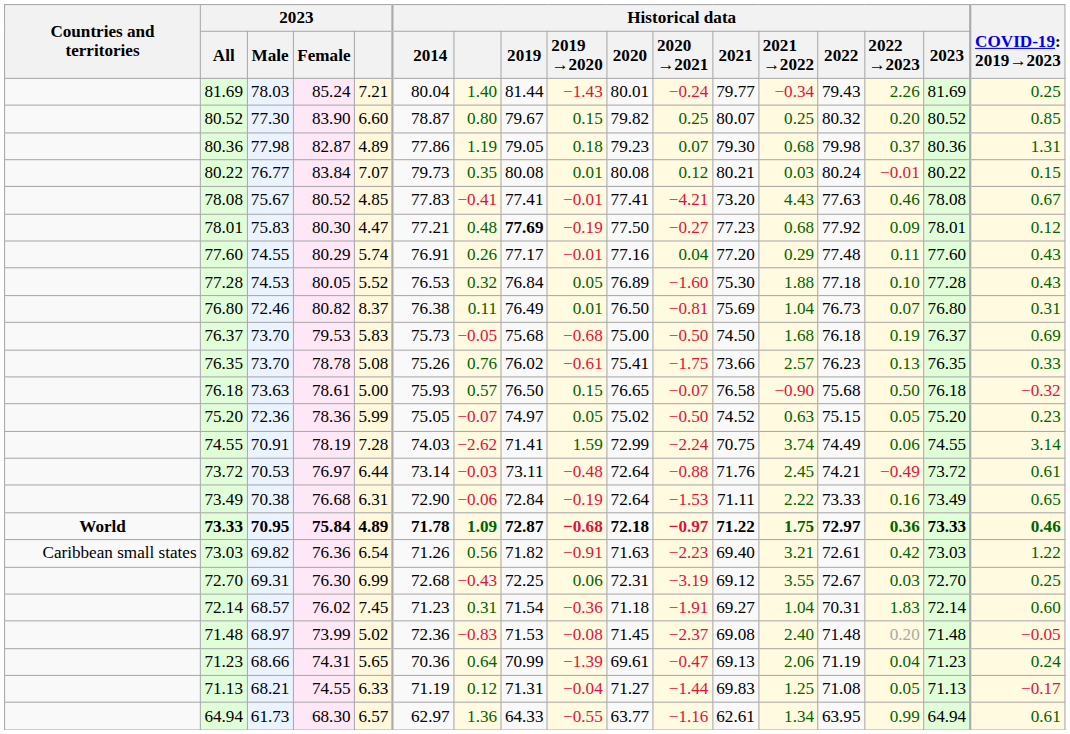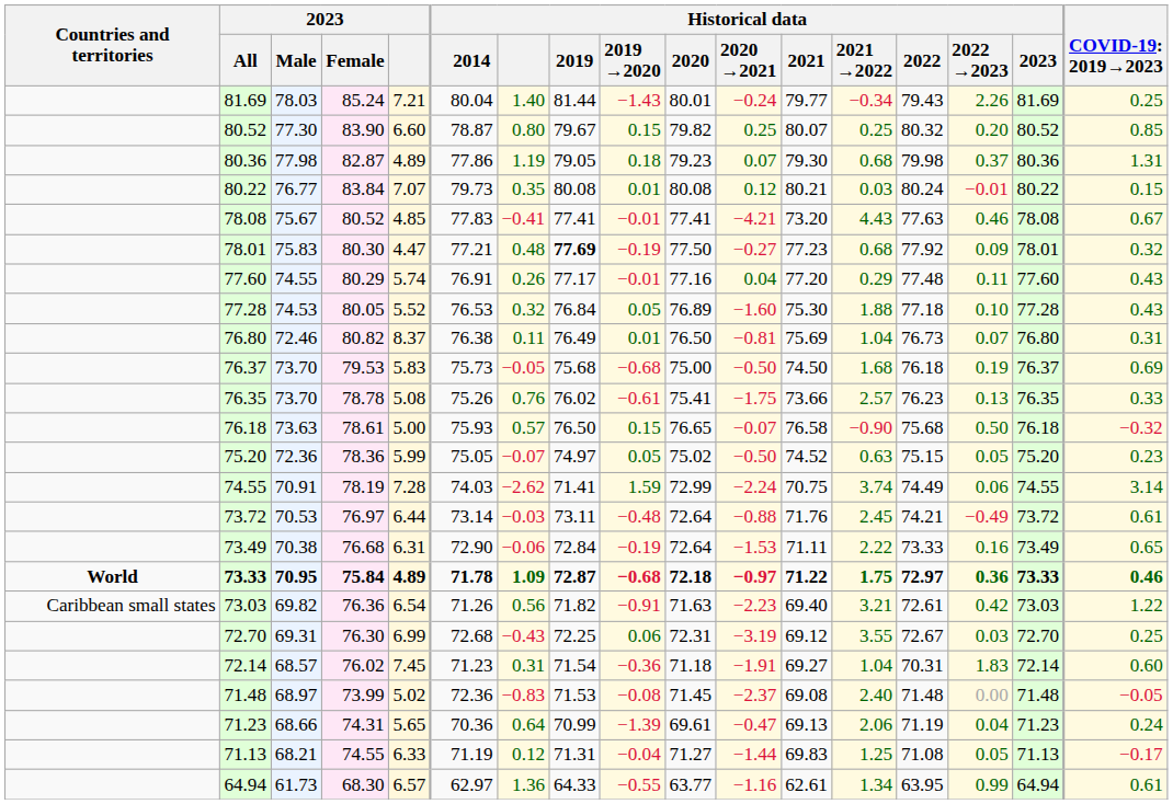 <table class="wikitable sortable mw-datatable static-row-numbers sort-under sticky-table-head sticky-table-col1 col1left col2center col3center col4center col5center col6center col8center col10center col12center col14center col16center" style=text-align:right;>
 <tr class="sortbottom static-row-header">
 <th rowspan=2 style="vertical-align:middle;">Countries and<br>territories</th>
 <th colspan=4>2023</th>
 <th colspan=11 style="border-left-width:2px;">Historical data</th>
 <th rowspan=2 style="border-left-width:2px; text-align:middle;"><br><a href='#'>COVID-19</a>:<br>2019→2023</th>
 </tr>
 <tr class="sortbottom static-row-header">
 <th style="vertical-align:middle;" class=sticky-table-none>All</th>
 <th style="vertical-align:middle;">Male</th>
 <th style="vertical-align:middle;">Female</th>
 <th style="vertical-align:middle;"></th>
 <th style="border-left-width:2px; vertical-align:middle; padding-left:1em;">2014</th>
 <th style="text-align:left;"></th>
 <th style="vertical-align:middle;">2019</th>
 <th style="text-align:left;">2019<br>→2020</th>
 <th style="vertical-align:middle;">2020</th>
 <th style="text-align:left;">2020<br>→2021</th>
 <th style="vertical-align:middle;">2021</th>
 <th style="text-align:left;">2021<br>→2022</th>
 <th style="vertical-align:middle;">2022</th>
 <th style="text-align:left;">2022<br>→2023</th>
 <th style="vertical-align:middle;">2023</th>
 </tr>
 <tr>
 <td></td>
 <td style="background:#e0ffd8;">81.69</td>
 <td style="background:#eaf3ff;">78.03</td>
 <td style="background:#fee7f6;">85.24</td>
 <td style="background:#fff8dc;">7.21</td>
 <td style="border-left-width:2px; padding-left:1em;">80.04</td>
 <td style="background:#fffae0;color:darkgreen;">1.40</td>
 <td>81.44</td>
 <td style="background:#fffae0;color:crimson;">−1.43</td>
 <td>80.01</td>
 <td style="background:#fffae0;color:crimson;">−0.24</td>
 <td>79.77</td>
 <td style="background:#fffae0;color:crimson;">−0.34</td>
 <td>79.43</td>
 <td style="background:#fffae0;color:darkgreen;">2.26</td>
 <td style="background:#e0ffd8;">81.69</td>
 <td style="background:#fffae0;border-left-width:2px;color:darkgreen;">0.25</td>
 </tr>
 <tr>
 <td></td>
 <td style="background:#e0ffd8;">80.52</td>
 <td style="background:#eaf3ff;">77.30</td>
 <td style="background:#fee7f6;">83.90</td>
 <td style="background:#fff8dc;">6.60</td>
 <td style="border-left-width:2px; padding-left:1em;">78.87</td>
 <td style="background:#fffae0;color:darkgreen;">0.80</td>
 <td>79.67</td>
 <td style="background:#fffae0;color:darkgreen;">0.15</td>
 <td>79.82</td>
 <td style="background:#fffae0;color:darkgreen;">0.25</td>
 <td>80.07</td>
 <td style="background:#fffae0;color:darkgreen;">0.25</td>
 <td>80.32</td>
 <td style="background:#fffae0;color:darkgreen;">0.20</td>
 <td style="background:#e0ffd8;">80.52</td>
 <td style="background:#fffae0;border-left-width:2px;color:darkgreen;">0.85</td>
 </tr>
 <tr>
 <td></td>
 <td style="background:#e0ffd8;">80.36</td>
 <td style="background:#eaf3ff;">77.98</td>
 <td style="background:#fee7f6;">82.87</td>
 <td style="background:#fff8dc;">4.89</td>
 <td style="border-left-width:2px; padding-left:1em;">77.86</td>
 <td style="background:#fffae0;color:darkgreen;">1.19</td>
 <td>79.05</td>
 <td style="background:#fffae0;color:darkgreen;">0.18</td>
 <td>79.23</td>
 <td style="background:#fffae0;color:darkgreen;">0.07</td>
 <td>79.30</td>
 <td style="background:#fffae0;color:darkgreen;">0.68</td>
 <td>79.98</td>
 <td style="background:#fffae0;color:darkgreen;">0.37</td>
 <td style="background:#e0ffd8;">80.36</td>
 <td style="background:#fffae0;border-left-width:2px;color:darkgreen;">1.31</td>
 </tr>
 <tr>
 <td></td>
 <td style="background:#e0ffd8;">80.22</td>
 <td style="background:#eaf3ff;">76.77</td>
 <td style="background:#fee7f6;">83.84</td>
 <td style="background:#fff8dc;">7.07</td>
 <td style="border-left-width:2px; padding-left:1em;">79.73</td>
 <td style="background:#fffae0;color:darkgreen;">0.35</td>
 <td>80.08</td>
 <td style="background:#fffae0;color:darkgreen;">0.01</td>
 <td>80.08</td>
 <td style="background:#fffae0;color:darkgreen;">0.12</td>
 <td>80.21</td>
 <td style="background:#fffae0;color:darkgreen;">0.03</td>
 <td>80.24</td>
 <td style="background:#fffae0;color:crimson;">−0.01</td>
 <td style="background:#e0ffd8;">80.22</td>
 <td style="background:#fffae0;border-left-width:2px;color:darkgreen;">0.15</td>
 </tr>
 <tr>
 <td></td>
 <td style="background:#e0ffd8;">78.08</td>
 <td style="background:#eaf3ff;">75.67</td>
 <td style="background:#fee7f6;">80.52</td>
 <td style="background:#fff8dc;">4.85</td>
 <td style="border-left-width:2px; padding-left:1em;">77.83</td>
 <td style="background:#fffae0;color:crimson;">−0.41</td>
 <td>77.41</td>
 <td style="background:#fffae0;color:crimson;">−0.01</td>
 <td>77.41</td>
 <td style="background:#fffae0;color:crimson;">−4.21</td>
 <td>73.20</td>
 <td style="background:#fffae0;color:darkgreen;">4.43</td>
 <td>77.63</td>
 <td style="background:#fffae0;color:darkgreen;">0.46</td>
 <td style="background:#e0ffd8;">78.08</td>
 <td style="background:#fffae0;border-left-width:2px;color:darkgreen;">0.67</td>
 </tr>
 <tr>
 <td></td>
 <td style="background:#e0ffd8;">78.01</td>
 <td style="background:#eaf3ff;">75.83</td>
 <td style="background:#fee7f6;">80.30</td>
 <td style="background:#fff8dc;">4.47</td>
 <td style="border-left-width:2px; padding-left:1em;">77.21</td>
 <td style="background:#fffae0;color:darkgreen;">0.48</td>
 <td><strong>77.69</strong></td>
 <td style="background:#fffae0;color:crimson;">−0.19</td>
 <td>77.50</td>
 <td style="background:#fffae0;color:crimson;">−0.27</td>
 <td>77.23</td>
 <td style="background:#fffae0;color:darkgreen;">0.68</td>
 <td>77.92</td>
 <td style="background:#fffae0;color:darkgreen;">0.09</td>
 <td style="background:#e0ffd8;">78.01</td>
-<td style="background:#fffae0;border-left-width:2px;color:darkgreen;">0.12</td>
+<td style="background:#fffae0;border-left-width:2px;color:darkgreen;">0.32</td>
 </tr>
 <tr>
 <td></td>
 <td style="background:#e0ffd8;">77.60</td>
 <td style="background:#eaf3ff;">74.55</td>
 <td style="background:#fee7f6;">80.29</td>
 <td style="background:#fff8dc;">5.74</td>
 <td style="border-left-width:2px; padding-left:1em;">76.91</td>
 <td style="background:#fffae0;color:darkgreen;">0.26</td>
 <td>77.17</td>
 <td style="background:#fffae0;color:crimson;">−0.01</td>
 <td>77.16</td>
 <td style="background:#fffae0;color:darkgreen;">0.04</td>
 <td>77.20</td>
 <td style="background:#fffae0;color:darkgreen;">0.29</td>
 <td>77.48</td>
 <td style="background:#fffae0;color:darkgreen;">0.11</td>
 <td style="background:#e0ffd8;">77.60</td>
 <td style="background:#fffae0;border-left-width:2px;color:darkgreen;">0.43</td>
 </tr>
 <tr>
 <td></td>
 <td style="background:#e0ffd8;">77.28</td>
 <td style="background:#eaf3ff;">74.53</td>
 <td style="background:#fee7f6;">80.05</td>
 <td style="background:#fff8dc;">5.52</td>
 <td style="border-left-width:2px; padding-left:1em;">76.53</td>
 <td style="background:#fffae0;color:darkgreen;">0.32</td>
 <td>76.84</td>
 <td style="background:#fffae0;color:darkgreen;">0.05</td>
 <td>76.89</td>
 <td style="background:#fffae0;color:crimson;">−1.60</td>
 <td>75.30</td>
 <td style="background:#fffae0;color:darkgreen;">1.88</td>
 <td>77.18</td>
 <td style="background:#fffae0;color:darkgreen;">0.10</td>
 <td style="background:#e0ffd8;">77.28</td>
 <td style="background:#fffae0;border-left-width:2px;color:darkgreen;">0.43</td>
 </tr>
 <tr>
 <td></td>
 <td style="background:#e0ffd8;">76.80</td>
 <td style="background:#eaf3ff;">72.46</td>
 <td style="background:#fee7f6;">80.82</td>
 <td style="background:#fff8dc;">8.37</td>
 <td style="border-left-width:2px; padding-left:1em;">76.38</td>
 <td style="background:#fffae0;color:darkgreen;">0.11</td>
 <td>76.49</td>
 <td style="background:#fffae0;color:darkgreen;">0.01</td>
 <td>76.50</td>
 <td style="background:#fffae0;color:crimson;">−0.81</td>
 <td>75.69</td>
 <td style="background:#fffae0;color:darkgreen;">1.04</td>
 <td>76.73</td>
 <td style="background:#fffae0;color:darkgreen;">0.07</td>
 <td style="background:#e0ffd8;">76.80</td>
 <td style="background:#fffae0;border-left-width:2px;color:darkgreen;">0.31</td>
 </tr>
 <tr>
 <td></td>
 <td style="background:#e0ffd8;">76.37</td>
 <td style="background:#eaf3ff;">73.70</td>
 <td style="background:#fee7f6;">79.53</td>
 <td style="background:#fff8dc;">5.83</td>
 <td style="border-left-width:2px; padding-left:1em;">75.73</td>
 <td style="background:#fffae0;color:crimson;">−0.05</td>
 <td>75.68</td>
 <td style="background:#fffae0;color:crimson;">−0.68</td>
 <td>75.00</td>
 <td style="background:#fffae0;color:crimson;">−0.50</td>
 <td>74.50</td>
 <td style="background:#fffae0;color:darkgreen;">1.68</td>
 <td>76.18</td>
 <td style="background:#fffae0;color:darkgreen;">0.19</td>
 <td style="background:#e0ffd8;">76.37</td>
 <td style="background:#fffae0;border-left-width:2px;color:darkgreen;">0.69</td>
 </tr>
 <tr>
 <td></td>
 <td style="background:#e0ffd8;">76.35</td>
 <td style="background:#eaf3ff;">73.70</td>
 <td style="background:#fee7f6;">78.78</td>
 <td style="background:#fff8dc;">5.08</td>
 <td style="border-left-width:2px; padding-left:1em;">75.26</td>
 <td style="background:#fffae0;color:darkgreen;">0.76</td>
 <td>76.02</td>
 <td style="background:#fffae0;color:crimson;">−0.61</td>
 <td>75.41</td>
 <td style="background:#fffae0;color:crimson;">−1.75</td>
 <td>73.66</td>
 <td style="background:#fffae0;color:darkgreen;">2.57</td>
 <td>76.23</td>
 <td style="background:#fffae0;color:darkgreen;">0.13</td>
 <td style="background:#e0ffd8;">76.35</td>
 <td style="background:#fffae0;border-left-width:2px;color:darkgreen;">0.33</td>
 </tr>
 <tr>
 <td></td>
 <td style="background:#e0ffd8;">76.18</td>
 <td style="background:#eaf3ff;">73.63</td>
 <td style="background:#fee7f6;">78.61</td>
 <td style="background:#fff8dc;">5.00</td>
 <td style="border-left-width:2px; padding-left:1em;">75.93</td>
 <td style="background:#fffae0;color:darkgreen;">0.57</td>
 <td>76.50</td>
 <td style="background:#fffae0;color:darkgreen;">0.15</td>
 <td>76.65</td>
 <td style="background:#fffae0;color:crimson;">−0.07</td>
 <td>76.58</td>
 <td style="background:#fffae0;color:crimson;">−0.90</td>
 <td>75.68</td>
 <td style="background:#fffae0;color:darkgreen;">0.50</td>
 <td style="background:#e0ffd8;">76.18</td>
 <td style="background:#fffae0;border-left-width:2px;color:crimson;">−0.32</td>
 </tr>
 <tr>
 <td></td>
 <td style="background:#e0ffd8;">75.20</td>
 <td style="background:#eaf3ff;">72.36</td>
 <td style="background:#fee7f6;">78.36</td>
 <td style="background:#fff8dc;">5.99</td>
 <td style="border-left-width:2px; padding-left:1em;">75.05</td>
 <td style="background:#fffae0;color:crimson;">−0.07</td>
 <td>74.97</td>
 <td style="background:#fffae0;color:darkgreen;">0.05</td>
 <td>75.02</td>
 <td style="background:#fffae0;color:crimson;">−0.50</td>
 <td>74.52</td>
 <td style="background:#fffae0;color:darkgreen;">0.63</td>
 <td>75.15</td>
 <td style="background:#fffae0;color:darkgreen;">0.05</td>
 <td style="background:#e0ffd8;">75.20</td>
 <td style="background:#fffae0;border-left-width:2px;color:darkgreen;">0.23</td>
 </tr>
 <tr>
 <td></td>
 <td style="background:#e0ffd8;">74.55</td>
 <td style="background:#eaf3ff;">70.91</td>
 <td style="background:#fee7f6;">78.19</td>
 <td style="background:#fff8dc;">7.28</td>
 <td style="border-left-width:2px; padding-left:1em;">74.03</td>
 <td style="background:#fffae0;color:crimson;">−2.62</td>
 <td>71.41</td>
 <td style="background:#fffae0;color:darkgreen;">1.59</td>
 <td>72.99</td>
 <td style="background:#fffae0;color:crimson;">−2.24</td>
 <td>70.75</td>
 <td style="background:#fffae0;color:darkgreen;">3.74</td>
 <td>74.49</td>
 <td style="background:#fffae0;color:darkgreen;">0.06</td>
 <td style="background:#e0ffd8;">74.55</td>
 <td style="background:#fffae0;border-left-width:2px;color:darkgreen;">3.14</td>
 </tr>
 <tr>
 <td></td>
 <td style="background:#e0ffd8;">73.72</td>
 <td style="background:#eaf3ff;">70.53</td>
 <td style="background:#fee7f6;">76.97</td>
 <td style="background:#fff8dc;">6.44</td>
 <td style="border-left-width:2px; padding-left:1em;">73.14</td>
 <td style="background:#fffae0;color:crimson;">−0.03</td>
 <td>73.11</td>
 <td style="background:#fffae0;color:crimson;">−0.48</td>
 <td>72.64</td>
 <td style="background:#fffae0;color:crimson;">−0.88</td>
 <td>71.76</td>
 <td style="background:#fffae0;color:darkgreen;">2.45</td>
 <td>74.21</td>
 <td style="background:#fffae0;color:crimson;">−0.49</td>
 <td style="background:#e0ffd8;">73.72</td>
 <td style="background:#fffae0;border-left-width:2px;color:darkgreen;">0.61</td>
 </tr>
 <tr>
 <td></td>
 <td style="background:#e0ffd8;">73.49</td>
 <td style="background:#eaf3ff;">70.38</td>
 <td style="background:#fee7f6;">76.68</td>
 <td style="background:#fff8dc;">6.31</td>
 <td style="border-left-width:2px; padding-left:1em;">72.90</td>
 <td style="background:#fffae0;color:crimson;">−0.06</td>
 <td>72.84</td>
 <td style="background:#fffae0;color:crimson;">−0.19</td>
 <td>72.64</td>
 <td style="background:#fffae0;color:crimson;">−1.53</td>
 <td>71.11</td>
 <td style="background:#fffae0;color:darkgreen;">2.22</td>
 <td>73.33</td>
 <td style="background:#fffae0;color:darkgreen;">0.16</td>
 <td style="background:#e0ffd8;">73.49</td>
 <td style="background:#fffae0;border-left-width:2px;color:darkgreen;">0.65</td>
 </tr>
 <tr class=static-row-header>
 <td style="text-align:center;"><strong>World</strong></td>
 <td style="background:#e0ffd8;"><strong>73.33</strong></td>
 <td style="background:#eaf3ff;"><strong>70.95</strong></td>
 <td style="background:#fee7f6;"><strong>75.84</strong></td>
 <td style="background:#fff8dc;"><strong>4.89</strong></td>
 <td style="border-left-width:2px;padding-left:1em;"><strong>71.78</strong></td>
 <td style="background:#fffae0;color:darkgreen;"><strong>1.09</strong></td>
 <td><strong>72.87</strong></td>
 <td style="background:#fffae0;color:crimson;"><strong>−0.68</strong></td>
 <td><strong>72.18</strong></td>
 <td style="background:#fffae0;color:crimson;"><strong>−0.97</strong></td>
 <td><strong>71.22</strong></td>
 <td style="background:#fffae0;color:darkgreen;"><strong>1.75</strong></td>
 <td><strong>72.97</strong></td>
 <td style="background:#fffae0;color:darkgreen;"><strong>0.36</strong></td>
 <td style="background:#e0ffd8;"><strong>73.33</strong></td>
 <td style="background:#fffae0;border-left-width:2px;color:darkgreen;"><strong>0.46</strong></td>
 </tr>
 <tr>
 <td style="padding-left:35px;">Caribbean small states</td>
 <td style="background:#e0ffd8;">73.03</td>
 <td style="background:#eaf3ff;">69.82</td>
 <td style="background:#fee7f6;">76.36</td>
 <td style="background:#fff8dc;">6.54</td>
 <td style="border-left-width:2px;padding-left:1em;">71.26</td>
 <td style="background:#fffae0;color:darkgreen;">0.56</td>
 <td>71.82</td>
 <td style="background:#fffae0;color:crimson;">−0.91</td>
 <td>71.63</td>
 <td style="background:#fffae0;color:crimson;">−2.23</td>
 <td>69.40</td>
 <td style="background:#fffae0;color:darkgreen;">3.21</td>
 <td>72.61</td>
 <td style="background:#fffae0;color:darkgreen;">0.42</td>
 <td style="background:#e0ffd8;">73.03</td>
 <td style="background:#fffae0;border-left-width:2px;color:darkgreen;">1.22</td>
 </tr>
 <tr>
 <td></td>
 <td style="background:#e0ffd8;">72.70</td>
 <td style="background:#eaf3ff;">69.31</td>
 <td style="background:#fee7f6;">76.30</td>
 <td style="background:#fff8dc;">6.99</td>
 <td style="border-left-width:2px; padding-left:1em;">72.68</td>
 <td style="background:#fffae0;color:crimson;">−0.43</td>
 <td>72.25</td>
 <td style="background:#fffae0;color:darkgreen;">0.06</td>
 <td>72.31</td>
 <td style="background:#fffae0;color:crimson;">−3.19</td>
 <td>69.12</td>
 <td style="background:#fffae0;color:darkgreen;">3.55</td>
 <td>72.67</td>
 <td style="background:#fffae0;color:darkgreen;">0.03</td>
 <td style="background:#e0ffd8;">72.70</td>
 <td style="background:#fffae0;border-left-width:2px;color:darkgreen;">0.25</td>
 </tr>
 <tr>
 <td></td>
 <td style="background:#e0ffd8;">72.14</td>
 <td style="background:#eaf3ff;">68.57</td>
 <td style="background:#fee7f6;">76.02</td>
 <td style="background:#fff8dc;">7.45</td>
 <td style="border-left-width:2px; padding-left:1em;">71.23</td>
 <td style="background:#fffae0;color:darkgreen;">0.31</td>
 <td>71.54</td>
 <td style="background:#fffae0;color:crimson;">−0.36</td>
 <td>71.18</td>
 <td style="background:#fffae0;color:crimson;">−1.91</td>
 <td>69.27</td>
 <td style="background:#fffae0;color:darkgreen;">1.04</td>
 <td>70.31</td>
 <td style="background:#fffae0;color:darkgreen;">1.83</td>
 <td style="background:#e0ffd8;">72.14</td>
 <td style="background:#fffae0;border-left-width:2px;color:darkgreen;">0.60</td>
 </tr>
 <tr>
 <td></td>
 <td style="background:#e0ffd8;">71.48</td>
 <td style="background:#eaf3ff;">68.97</td>
 <td style="background:#fee7f6;">73.99</td>
 <td style="background:#fff8dc;">5.02</td>
 <td style="border-left-width:2px; padding-left:1em;">72.36</td>
 <td style="background:#fffae0;color:crimson;">−0.83</td>
 <td>71.53</td>
 <td style="background:#fffae0;color:crimson;">−0.08</td>
 <td>71.45</td>
 <td style="background:#fffae0;color:crimson;">−2.37</td>
 <td>69.08</td>
 <td style="background:#fffae0;color:darkgreen;">2.40</td>
 <td>71.48</td>
-<td style="background:#fffae0;color:darkgray;">0.20</td>
+<td style="background:#fffae0;color:darkgray;">0.00</td>
 <td style="background:#e0ffd8;">71.48</td>
 <td style="background:#fffae0;border-left-width:2px;color:crimson;">−0.05</td>
 </tr>
 <tr>
 <td></td>
 <td style="background:#e0ffd8;">71.23</td>
 <td style="background:#eaf3ff;">68.66</td>
 <td style="background:#fee7f6;">74.31</td>
 <td style="background:#fff8dc;">5.65</td>
 <td style="border-left-width:2px; padding-left:1em;">70.36</td>
 <td style="background:#fffae0;color:darkgreen;">0.64</td>
 <td>70.99</td>
 <td style="background:#fffae0;color:crimson;">−1.39</td>
 <td>69.61</td>
 <td style="background:#fffae0;color:crimson;">−0.47</td>
 <td>69.13</td>
 <td style="background:#fffae0;color:darkgreen;">2.06</td>
 <td>71.19</td>
 <td style="background:#fffae0;color:darkgreen;">0.04</td>
 <td style="background:#e0ffd8;">71.23</td>
 <td style="background:#fffae0;border-left-width:2px;color:darkgreen;">0.24</td>
 </tr>
 <tr>
 <td></td>
 <td style="background:#e0ffd8;">71.13</td>
 <td style="background:#eaf3ff;">68.21</td>
 <td style="background:#fee7f6;">74.55</td>
 <td style="background:#fff8dc;">6.33</td>
 <td style="border-left-width:2px; padding-left:1em;">71.19</td>
 <td style="background:#fffae0;color:darkgreen;">0.12</td>
 <td>71.31</td>
 <td style="background:#fffae0;color:crimson;">−0.04</td>
 <td>71.27</td>
 <td style="background:#fffae0;color:crimson;">−1.44</td>
 <td>69.83</td>
 <td style="background:#fffae0;color:darkgreen;">1.25</td>
 <td>71.08</td>
 <td style="background:#fffae0;color:darkgreen;">0.05</td>
 <td style="background:#e0ffd8;">71.13</td>
 <td style="background:#fffae0;border-left-width:2px;color:crimson;">−0.17</td>
 </tr>
 <tr>
 <td></td>
 <td style="background:#e0ffd8;">64.94</td>
 <td style="background:#eaf3ff;">61.73</td>
 <td style="background:#fee7f6;">68.30</td>
 <td style="background:#fff8dc;">6.57</td>
 <td style="border-left-width:2px; padding-left:1em;">62.97</td>
 <td style="background:#fffae0;color:darkgreen;">1.36</td>
 <td>64.33</td>
 <td style="background:#fffae0;color:crimson;">−0.55</td>
 <td>63.77</td>
 <td style="background:#fffae0;color:crimson;">−1.16</td>
 <td>62.61</td>
 <td style="background:#fffae0;color:darkgreen;">1.34</td>
 <td>63.95</td>
 <td style="background:#fffae0;color:darkgreen;">0.99</td>
 <td style="background:#e0ffd8;">64.94</td>
 <td style="background:#fffae0;border-left-width:2px;color:darkgreen;">0.61</td>
 </tr>
 </table>
